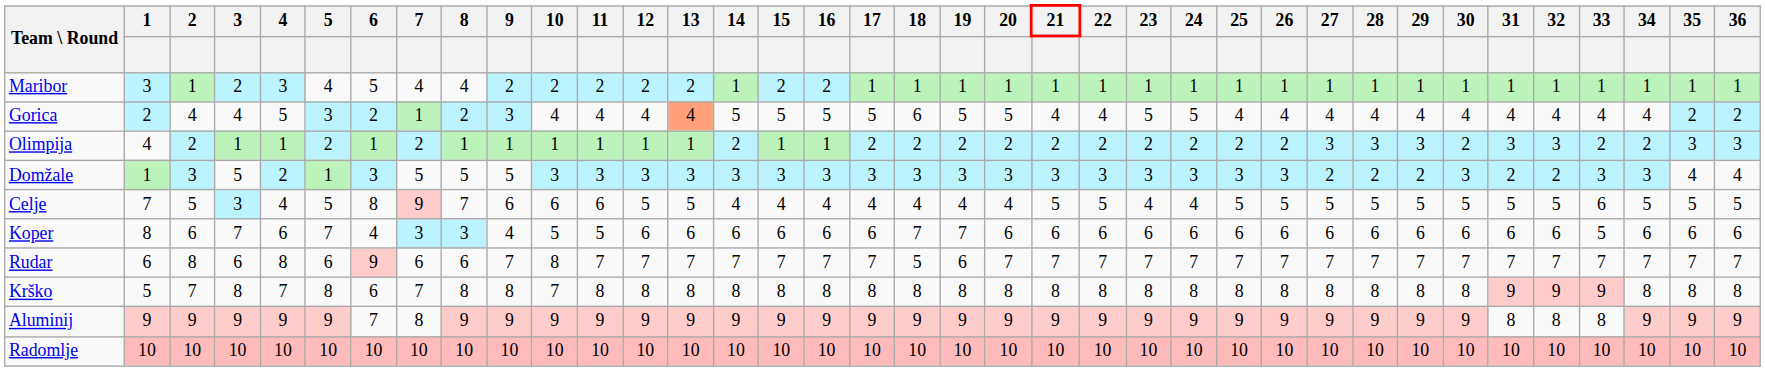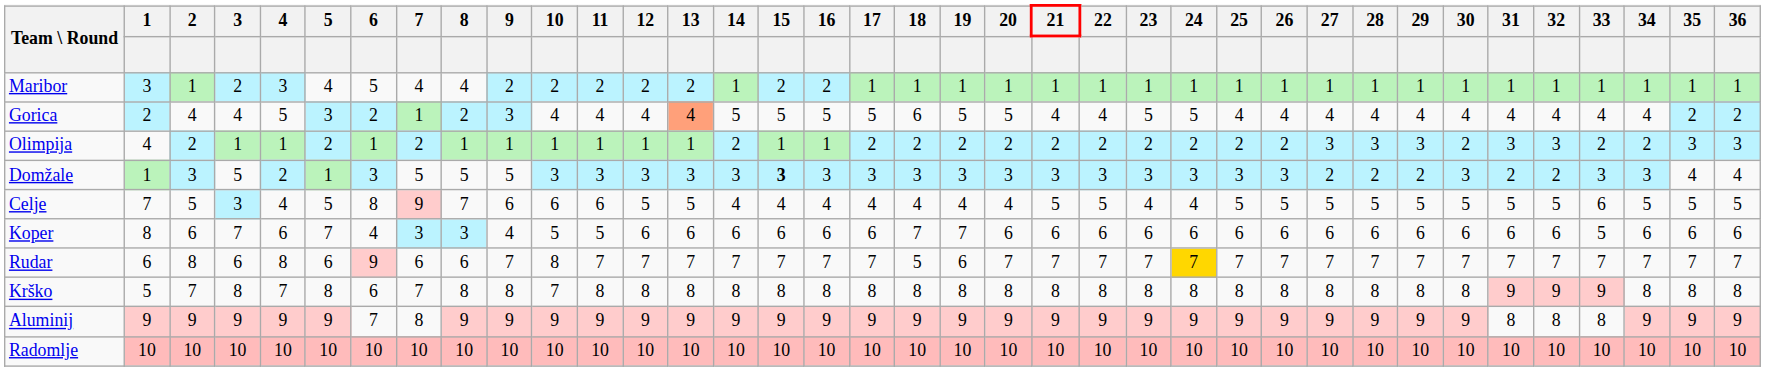 <table class="wikitable sortable" style="font-size: 80%; text-align:center; width:100%;">
 <tr>
 <th rowspan="2" style="width:80px;">Team \ Round</th>
 <th align=center>1</th>
 <th align=center>2</th>
 <th align=center>3</th>
 <th align=center>4</th>
 <th align=center>5</th>
 <th align=center>6</th>
 <th align=center>7</th>
 <th align=center>8</th>
 <th align=center>9</th>
 <th align=center>10</th>
 <th align=center>11</th>
 <th align=center>12</th>
 <th align=center>13</th>
 <th align=center>14</th>
 <th align=center>15</th>
 <th align=center>16</th>
 <th align=center>17</th>
 <th align=center>18</th>
 <th align=center>19</th>
 <th align=center>20</th>
 <th align=center bgcolor="#FFDDDD" style="border: 2px solid red;">21</th>
 <th align=center>22</th>
 <th align=center>23</th>
 <th align=center>24</th>
 <th align=center>25</th>
 <th align=center>26</th>
 <th align=center>27</th>
 <th align=center>28</th>
 <th align=center>29</th>
 <th align=center>30</th>
 <th align=center>31</th>
 <th align=center>32</th>
 <th align=center>33</th>
 <th align=center>34</th>
 <th align=center>35</th>
 <th align=center>36</th>
 </tr>
 <tr>
 <th style="text-align:center; height:20px;"></th>
 <th align=center></th>
 <th align=center></th>
 <th align=center></th>
 <th align=center></th>
 <th align=center></th>
 <th align=center></th>
 <th align=center></th>
 <th align=center></th>
 <th align=center></th>
 <th align=center></th>
 <th align=center></th>
 <th align=center></th>
 <th align=center></th>
 <th align=center></th>
 <th align=center></th>
 <th align=center></th>
 <th align=center></th>
 <th align=center></th>
 <th align=center></th>
 <th align=center></th>
 <th align=center></th>
 <th align=center></th>
 <th align=center></th>
 <th align=center></th>
 <th align=center></th>
 <th align=center></th>
 <th align=center></th>
 <th align=center></th>
 <th align=center></th>
 <th align=center></th>
 <th align=center></th>
 <th align=center></th>
 <th align=center></th>
 <th align=center></th>
 <th align=center></th>
 </tr>
 <tr align=center>
 <td align=left><a href='#'>Maribor</a></td>
 <td style="background:#BBF3FF;">3</td>
 <td style="background:#BBF3BB;">1</td>
 <td style="background:#BBF3FF;">2</td>
 <td style="background:#BBF3FF;">3</td>
 <td>4</td>
 <td>5</td>
 <td>4</td>
 <td>4</td>
 <td style="background:#BBF3FF;">2</td>
 <td style="background:#BBF3FF;">2</td>
 <td style="background:#BBF3FF;">2</td>
 <td style="background:#BBF3FF;">2</td>
 <td style="background:#BBF3FF;">2</td>
 <td style="background:#BBF3BB;">1</td>
 <td style="background:#BBF3FF;">2</td>
 <td style="background:#BBF3FF;">2</td>
 <td style="background:#BBF3BB;">1</td>
 <td style="background:#BBF3BB;">1</td>
 <td style="background:#BBF3BB;">1</td>
 <td style="background:#BBF3BB;">1</td>
 <td style="background:#BBF3BB;">1</td>
 <td style="background:#BBF3BB;">1</td>
 <td style="background:#BBF3BB;">1</td>
 <td style="background:#BBF3BB;">1</td>
 <td style="background:#BBF3BB;">1</td>
 <td style="background:#BBF3BB;">1</td>
 <td style="background:#BBF3BB;">1</td>
 <td style="background:#BBF3BB;">1</td>
 <td style="background:#BBF3BB;">1</td>
 <td style="background:#BBF3BB;">1</td>
 <td style="background:#BBF3BB;">1</td>
 <td style="background:#BBF3BB;">1</td>
 <td style="background:#BBF3BB;">1</td>
 <td style="background:#BBF3BB;">1</td>
 <td style="background:#BBF3BB;">1</td>
 <td style="background:#BBF3BB;">1</td>
 </tr>
 <tr align=center>
 <td align=left><a href='#'>Gorica</a></td>
 <td style="background:#BBF3FF;">2</td>
 <td>4</td>
 <td>4</td>
 <td>5</td>
 <td style="background:#BBF3FF;">3</td>
 <td style="background:#BBF3FF;">2</td>
 <td style="background:#BBF3BB;">1</td>
 <td style="background:#BBF3FF;">2</td>
 <td style="background:#BBF3FF;">3</td>
 <td>4</td>
 <td>4</td>
 <td>4</td>
 <td style="background: lightsalmon;">4</td>
 <td>5</td>
 <td>5</td>
 <td>5</td>
 <td>5</td>
 <td>6</td>
 <td>5</td>
 <td>5</td>
 <td>4</td>
 <td>4</td>
 <td>5</td>
 <td>5</td>
 <td>4</td>
 <td>4</td>
 <td>4</td>
 <td>4</td>
 <td>4</td>
 <td>4</td>
 <td>4</td>
 <td>4</td>
 <td>4</td>
 <td>4</td>
 <td style="background:#BBF3FF;">2</td>
 <td style="background:#BBF3FF;">2</td>
 </tr>
 <tr align=center>
 <td align=left><a href='#'>Olimpija</a></td>
 <td>4</td>
 <td style="background:#BBF3FF;">2</td>
 <td style="background:#BBF3BB;">1</td>
 <td style="background:#BBF3BB;">1</td>
 <td style="background:#BBF3FF;">2</td>
 <td style="background:#BBF3BB;">1</td>
 <td style="background:#BBF3FF;">2</td>
 <td style="background:#BBF3BB;">1</td>
 <td style="background:#BBF3BB;">1</td>
 <td style="background:#BBF3BB;">1</td>
 <td style="background:#BBF3BB;">1</td>
 <td style="background:#BBF3BB;">1</td>
 <td style="background:#BBF3BB;">1</td>
 <td style="background:#BBF3FF;">2</td>
 <td style="background:#BBF3BB;">1</td>
 <td style="background:#BBF3BB;">1</td>
 <td style="background:#BBF3FF;">2</td>
 <td style="background:#BBF3FF;">2</td>
 <td style="background:#BBF3FF;">2</td>
 <td style="background:#BBF3FF;">2</td>
 <td style="background:#BBF3FF;">2</td>
 <td style="background:#BBF3FF;">2</td>
 <td style="background:#BBF3FF;">2</td>
 <td style="background:#BBF3FF;">2</td>
 <td style="background:#BBF3FF;">2</td>
 <td style="background:#BBF3FF;">2</td>
 <td style="background:#BBF3FF;">3</td>
 <td style="background:#BBF3FF;">3</td>
 <td style="background:#BBF3FF;">3</td>
 <td style="background:#BBF3FF;">2</td>
 <td style="background:#BBF3FF;">3</td>
 <td style="background:#BBF3FF;">3</td>
 <td style="background:#BBF3FF;">2</td>
 <td style="background:#BBF3FF;">2</td>
 <td style="background:#BBF3FF;">3</td>
 <td style="background:#BBF3FF;">3</td>
 </tr>
 <tr align=center>
 <td align=left><a href='#'>Domžale</a></td>
 <td style="background:#BBF3BB;">1</td>
 <td style="background:#BBF3FF;">3</td>
 <td>5</td>
 <td style="background:#BBF3FF;">2</td>
 <td style="background:#BBF3BB;">1</td>
 <td style="background:#BBF3FF;">3</td>
 <td>5</td>
 <td>5</td>
 <td>5</td>
 <td style="background:#BBF3FF;">3</td>
 <td style="background:#BBF3FF;">3</td>
 <td style="background:#BBF3FF;">3</td>
 <td style="background:#BBF3FF;">3</td>
 <td style="background:#BBF3FF;">3</td>
-<td style="background:#BBF3FF;">3</td>
+<td style="background:#BBF3FF;"><strong>3</strong></td>
 <td style="background:#BBF3FF;">3</td>
 <td style="background:#BBF3FF;">3</td>
 <td style="background:#BBF3FF;">3</td>
 <td style="background:#BBF3FF;">3</td>
 <td style="background:#BBF3FF;">3</td>
 <td style="background:#BBF3FF;">3</td>
 <td style="background:#BBF3FF;">3</td>
 <td style="background:#BBF3FF;">3</td>
 <td style="background:#BBF3FF;">3</td>
 <td style="background:#BBF3FF;">3</td>
 <td style="background:#BBF3FF;">3</td>
 <td style="background:#BBF3FF;">2</td>
 <td style="background:#BBF3FF;">2</td>
 <td style="background:#BBF3FF;">2</td>
 <td style="background:#BBF3FF;">3</td>
 <td style="background:#BBF3FF;">2</td>
 <td style="background:#BBF3FF;">2</td>
 <td style="background:#BBF3FF;">3</td>
 <td style="background:#BBF3FF;">3</td>
 <td>4</td>
 <td>4</td>
 </tr>
 <tr align=center>
 <td align=left><a href='#'>Celje</a></td>
 <td>7</td>
 <td>5</td>
 <td style="background:#BBF3FF;">3</td>
 <td>4</td>
 <td>5</td>
 <td>8</td>
 <td style="background:#FFCCCC;">9</td>
 <td>7</td>
 <td>6</td>
 <td>6</td>
 <td>6</td>
 <td>5</td>
 <td>5</td>
 <td>4</td>
 <td>4</td>
 <td>4</td>
 <td>4</td>
 <td>4</td>
 <td>4</td>
 <td>4</td>
 <td>5</td>
 <td>5</td>
 <td>4</td>
 <td>4</td>
 <td>5</td>
 <td>5</td>
 <td>5</td>
 <td>5</td>
 <td>5</td>
 <td>5</td>
 <td>5</td>
 <td>5</td>
 <td>6</td>
 <td>5</td>
 <td>5</td>
 <td>5</td>
 </tr>
 <tr align=center>
 <td align=left><a href='#'>Koper</a></td>
 <td>8</td>
 <td>6</td>
 <td>7</td>
 <td>6</td>
 <td>7</td>
 <td>4</td>
 <td style="background:#BBF3FF;">3</td>
 <td style="background:#BBF3FF;">3</td>
 <td>4</td>
 <td>5</td>
 <td>5</td>
 <td>6</td>
 <td>6</td>
 <td>6</td>
 <td>6</td>
 <td>6</td>
 <td>6</td>
 <td>7</td>
 <td>7</td>
 <td>6</td>
 <td>6</td>
 <td>6</td>
 <td>6</td>
 <td>6</td>
 <td>6</td>
 <td>6</td>
 <td>6</td>
 <td>6</td>
 <td>6</td>
 <td>6</td>
 <td>6</td>
 <td>6</td>
 <td>5</td>
 <td>6</td>
 <td>6</td>
 <td>6</td>
 </tr>
 <tr align=center>
 <td align=left><a href='#'>Rudar</a></td>
 <td>6</td>
 <td>8</td>
 <td>6</td>
 <td>8</td>
 <td>6</td>
 <td style="background:#FFCCCC;">9</td>
 <td>6</td>
 <td>6</td>
 <td>7</td>
 <td>8</td>
 <td>7</td>
 <td>7</td>
 <td>7</td>
 <td>7</td>
 <td>7</td>
 <td>7</td>
 <td>7</td>
 <td>5</td>
 <td>6</td>
 <td>7</td>
 <td>7</td>
 <td>7</td>
 <td>7</td>
-<td>7</td>
+<td style="background: gold;">7</td>
 <td>7</td>
 <td>7</td>
 <td>7</td>
 <td>7</td>
 <td>7</td>
 <td>7</td>
 <td>7</td>
 <td>7</td>
 <td>7</td>
 <td>7</td>
 <td>7</td>
 <td>7</td>
 </tr>
 <tr align=center>
 <td align=left><a href='#'>Krško</a></td>
 <td>5</td>
 <td>7</td>
 <td>8</td>
 <td>7</td>
 <td>8</td>
 <td>6</td>
 <td>7</td>
 <td>8</td>
 <td>8</td>
 <td>7</td>
 <td>8</td>
 <td>8</td>
 <td>8</td>
 <td>8</td>
 <td>8</td>
 <td>8</td>
 <td>8</td>
 <td>8</td>
 <td>8</td>
 <td>8</td>
 <td>8</td>
 <td>8</td>
 <td>8</td>
 <td>8</td>
 <td>8</td>
 <td>8</td>
 <td>8</td>
 <td>8</td>
 <td>8</td>
 <td>8</td>
 <td style="background:#FFCCCC;">9</td>
 <td style="background:#FFCCCC;">9</td>
 <td style="background:#FFCCCC;">9</td>
 <td>8</td>
 <td>8</td>
 <td>8</td>
 </tr>
 <tr align=center>
 <td align=left><a href='#'>Aluminij</a></td>
 <td style="background:#FFCCCC;">9</td>
 <td style="background:#FFCCCC;">9</td>
 <td style="background:#FFCCCC;">9</td>
 <td style="background:#FFCCCC;">9</td>
 <td style="background:#FFCCCC;">9</td>
 <td>7</td>
 <td>8</td>
 <td style="background:#FFCCCC;">9</td>
 <td style="background:#FFCCCC;">9</td>
 <td style="background:#FFCCCC;">9</td>
 <td style="background:#FFCCCC;">9</td>
 <td style="background:#FFCCCC;">9</td>
 <td style="background:#FFCCCC;">9</td>
 <td style="background:#FFCCCC;">9</td>
 <td style="background:#FFCCCC;">9</td>
 <td style="background:#FFCCCC;">9</td>
 <td style="background:#FFCCCC;">9</td>
 <td style="background:#FFCCCC;">9</td>
 <td style="background:#FFCCCC;">9</td>
 <td style="background:#FFCCCC;">9</td>
 <td style="background:#FFCCCC;">9</td>
 <td style="background:#FFCCCC;">9</td>
 <td style="background:#FFCCCC;">9</td>
 <td style="background:#FFCCCC;">9</td>
 <td style="background:#FFCCCC;">9</td>
 <td style="background:#FFCCCC;">9</td>
 <td style="background:#FFCCCC;">9</td>
 <td style="background:#FFCCCC;">9</td>
 <td style="background:#FFCCCC;">9</td>
 <td style="background:#FFCCCC;">9</td>
 <td>8</td>
 <td>8</td>
 <td>8</td>
 <td style="background:#FFCCCC;">9</td>
 <td style="background:#FFCCCC;">9</td>
 <td style="background:#FFCCCC;">9</td>
 </tr>
 <tr align=center>
 <td align=left><a href='#'>Radomlje</a></td>
 <td style="background:#FFBBBB;">10</td>
 <td style="background:#FFBBBB;">10</td>
 <td style="background:#FFBBBB;">10</td>
 <td style="background:#FFBBBB;">10</td>
 <td style="background:#FFBBBB;">10</td>
 <td style="background:#FFBBBB;">10</td>
 <td style="background:#FFBBBB;">10</td>
 <td style="background:#FFBBBB;">10</td>
 <td style="background:#FFBBBB;">10</td>
 <td style="background:#FFBBBB;">10</td>
 <td style="background:#FFBBBB;">10</td>
 <td style="background:#FFBBBB;">10</td>
 <td style="background:#FFBBBB;">10</td>
 <td style="background:#FFBBBB;">10</td>
 <td style="background:#FFBBBB;">10</td>
 <td style="background:#FFBBBB;">10</td>
 <td style="background:#FFBBBB;">10</td>
 <td style="background:#FFBBBB;">10</td>
 <td style="background:#FFBBBB;">10</td>
 <td style="background:#FFBBBB;">10</td>
 <td style="background:#FFBBBB;">10</td>
 <td style="background:#FFBBBB;">10</td>
 <td style="background:#FFBBBB;">10</td>
 <td style="background:#FFBBBB;">10</td>
 <td style="background:#FFBBBB;">10</td>
 <td style="background:#FFBBBB;">10</td>
 <td style="background:#FFBBBB;">10</td>
 <td style="background:#FFBBBB;">10</td>
 <td style="background:#FFBBBB;">10</td>
 <td style="background:#FFBBBB;">10</td>
 <td style="background:#FFBBBB;">10</td>
 <td style="background:#FFBBBB;">10</td>
 <td style="background:#FFBBBB;">10</td>
 <td style="background:#FFBBBB;">10</td>
 <td style="background:#FFBBBB;">10</td>
 <td style="background:#FFBBBB;">10</td>
 </tr>
 </table>
